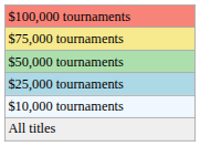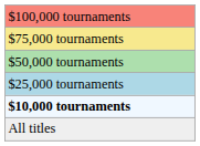 <table class="wikitable" style="font-size:85%; width:15%;">
 <tr style="background:#f88379;">
 <td>$100,000 tournaments</td>
 </tr>
 <tr style="background:#f7e98e;">
 <td>$75,000 tournaments</td>
 </tr>
 <tr style="background:#addfad;">
 <td>$50,000 tournaments</td>
 </tr>
 <tr style="background:lightblue;">
 <td>$25,000 tournaments</td>
 </tr>
 <tr style="background:#f0f8ff;">
-<td>$10,000 tournaments</td>
+<td><strong>$10,000 tournaments</strong></td>
 </tr>
 <tr style="background:#efefef;">
 <td>All titles</td>
 </tr>
 </table>
